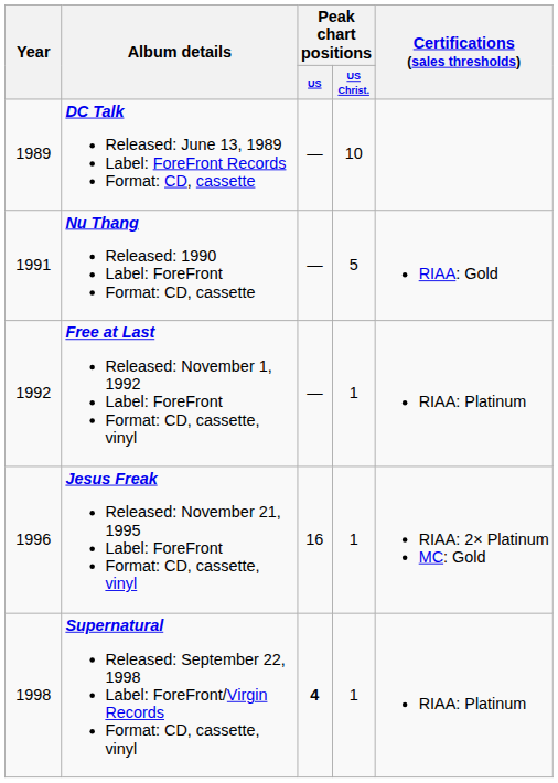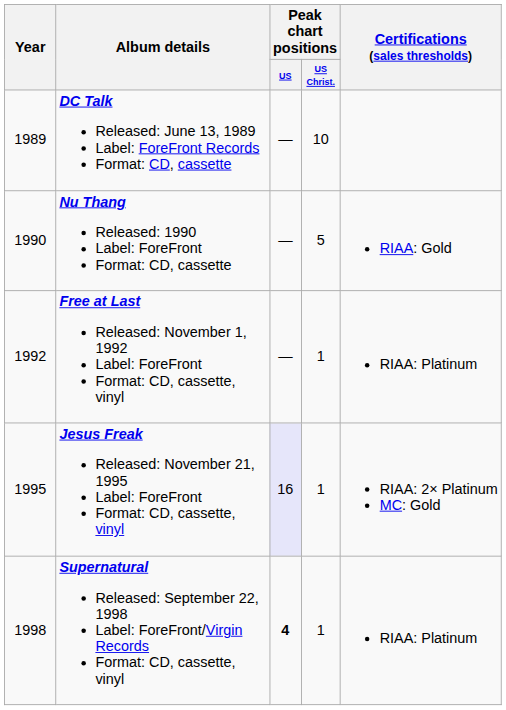 <table class="wikitable" style="text-align:center;">
 <tr>
 <th rowspan="2" width="50">Year</th>
 <th rowspan="2" width="230">Album details</th>
 <th colspan="2">Peak chart positions</th>
 <th rowspan="2"><a href='#'>Certifications</a><br><small>(<a href='#'>sales thresholds</a>)</small></th>
 </tr>
 <tr>
 <th style="width:2em;font-size:75%"><small><a href='#'>US</a></small></th>
 <th style="width:2em;font-size:75%"><small><a href='#'>US <br>Christ.</a></small></th>
 </tr>
 <tr>
 <td align="center">1989</td>
 <td align="left"><strong><em><a href='#'>DC Talk</a></em></strong><br><ul><li>Released: June 13, 1989</li><li>Label: <a href='#'>ForeFront Records</a></li><li>Format: <a href='#'>CD</a>, <a href='#'>cassette</a></li></ul></td>
 <td>—</td>
 <td>10</td>
 <td align="left"></td>
 </tr>
 <tr>
-<td align="center">1991</td>
+<td align="center">1990</td>
 <td align="left"><strong><em><a href='#'>Nu Thang</a></em></strong><br><ul><li>Released: 1990</li><li>Label: ForeFront</li><li>Format: CD, cassette</li></ul></td>
 <td>—</td>
 <td>5</td>
 <td align="left"><br><ul><li><a href='#'>RIAA</a>: Gold</li></ul></td>
 </tr>
 <tr>
 <td align="center">1992</td>
 <td align="left"><strong><em><a href='#'>Free at Last</a></em></strong><br><ul><li>Released: November 1, 1992</li><li>Label: ForeFront</li><li>Format: CD, cassette, vinyl</li></ul></td>
 <td>—</td>
 <td>1</td>
 <td align="left"><br><ul><li>RIAA: Platinum</li></ul></td>
 </tr>
 <tr>
-<td align="center">1996</td>
+<td align="center">1995</td>
 <td align="left"><strong><em><a href='#'>Jesus Freak</a></em></strong><br><ul><li>Released: November 21, 1995</li><li>Label: ForeFront</li><li>Format: CD, cassette, <a href='#'>vinyl</a></li></ul></td>
-<td>16</td>
+<td style="background: lavender;">16</td>
 <td>1</td>
 <td align="left"><br><ul><li>RIAA: 2× Platinum</li><li><a href='#'>MC</a>: Gold</li></ul></td>
 </tr>
 <tr>
 <td align="center">1998</td>
 <td align="left"><strong><em><a href='#'>Supernatural</a></em></strong><br><ul><li>Released: September 22, 1998</li><li>Label: ForeFront/<a href='#'>Virgin Records</a></li><li>Format: CD, cassette, vinyl</li></ul></td>
 <td><strong>4</strong></td>
 <td>1</td>
 <td align="left"><br><ul><li>RIAA: Platinum</li></ul></td>
 </tr>
 </table>
